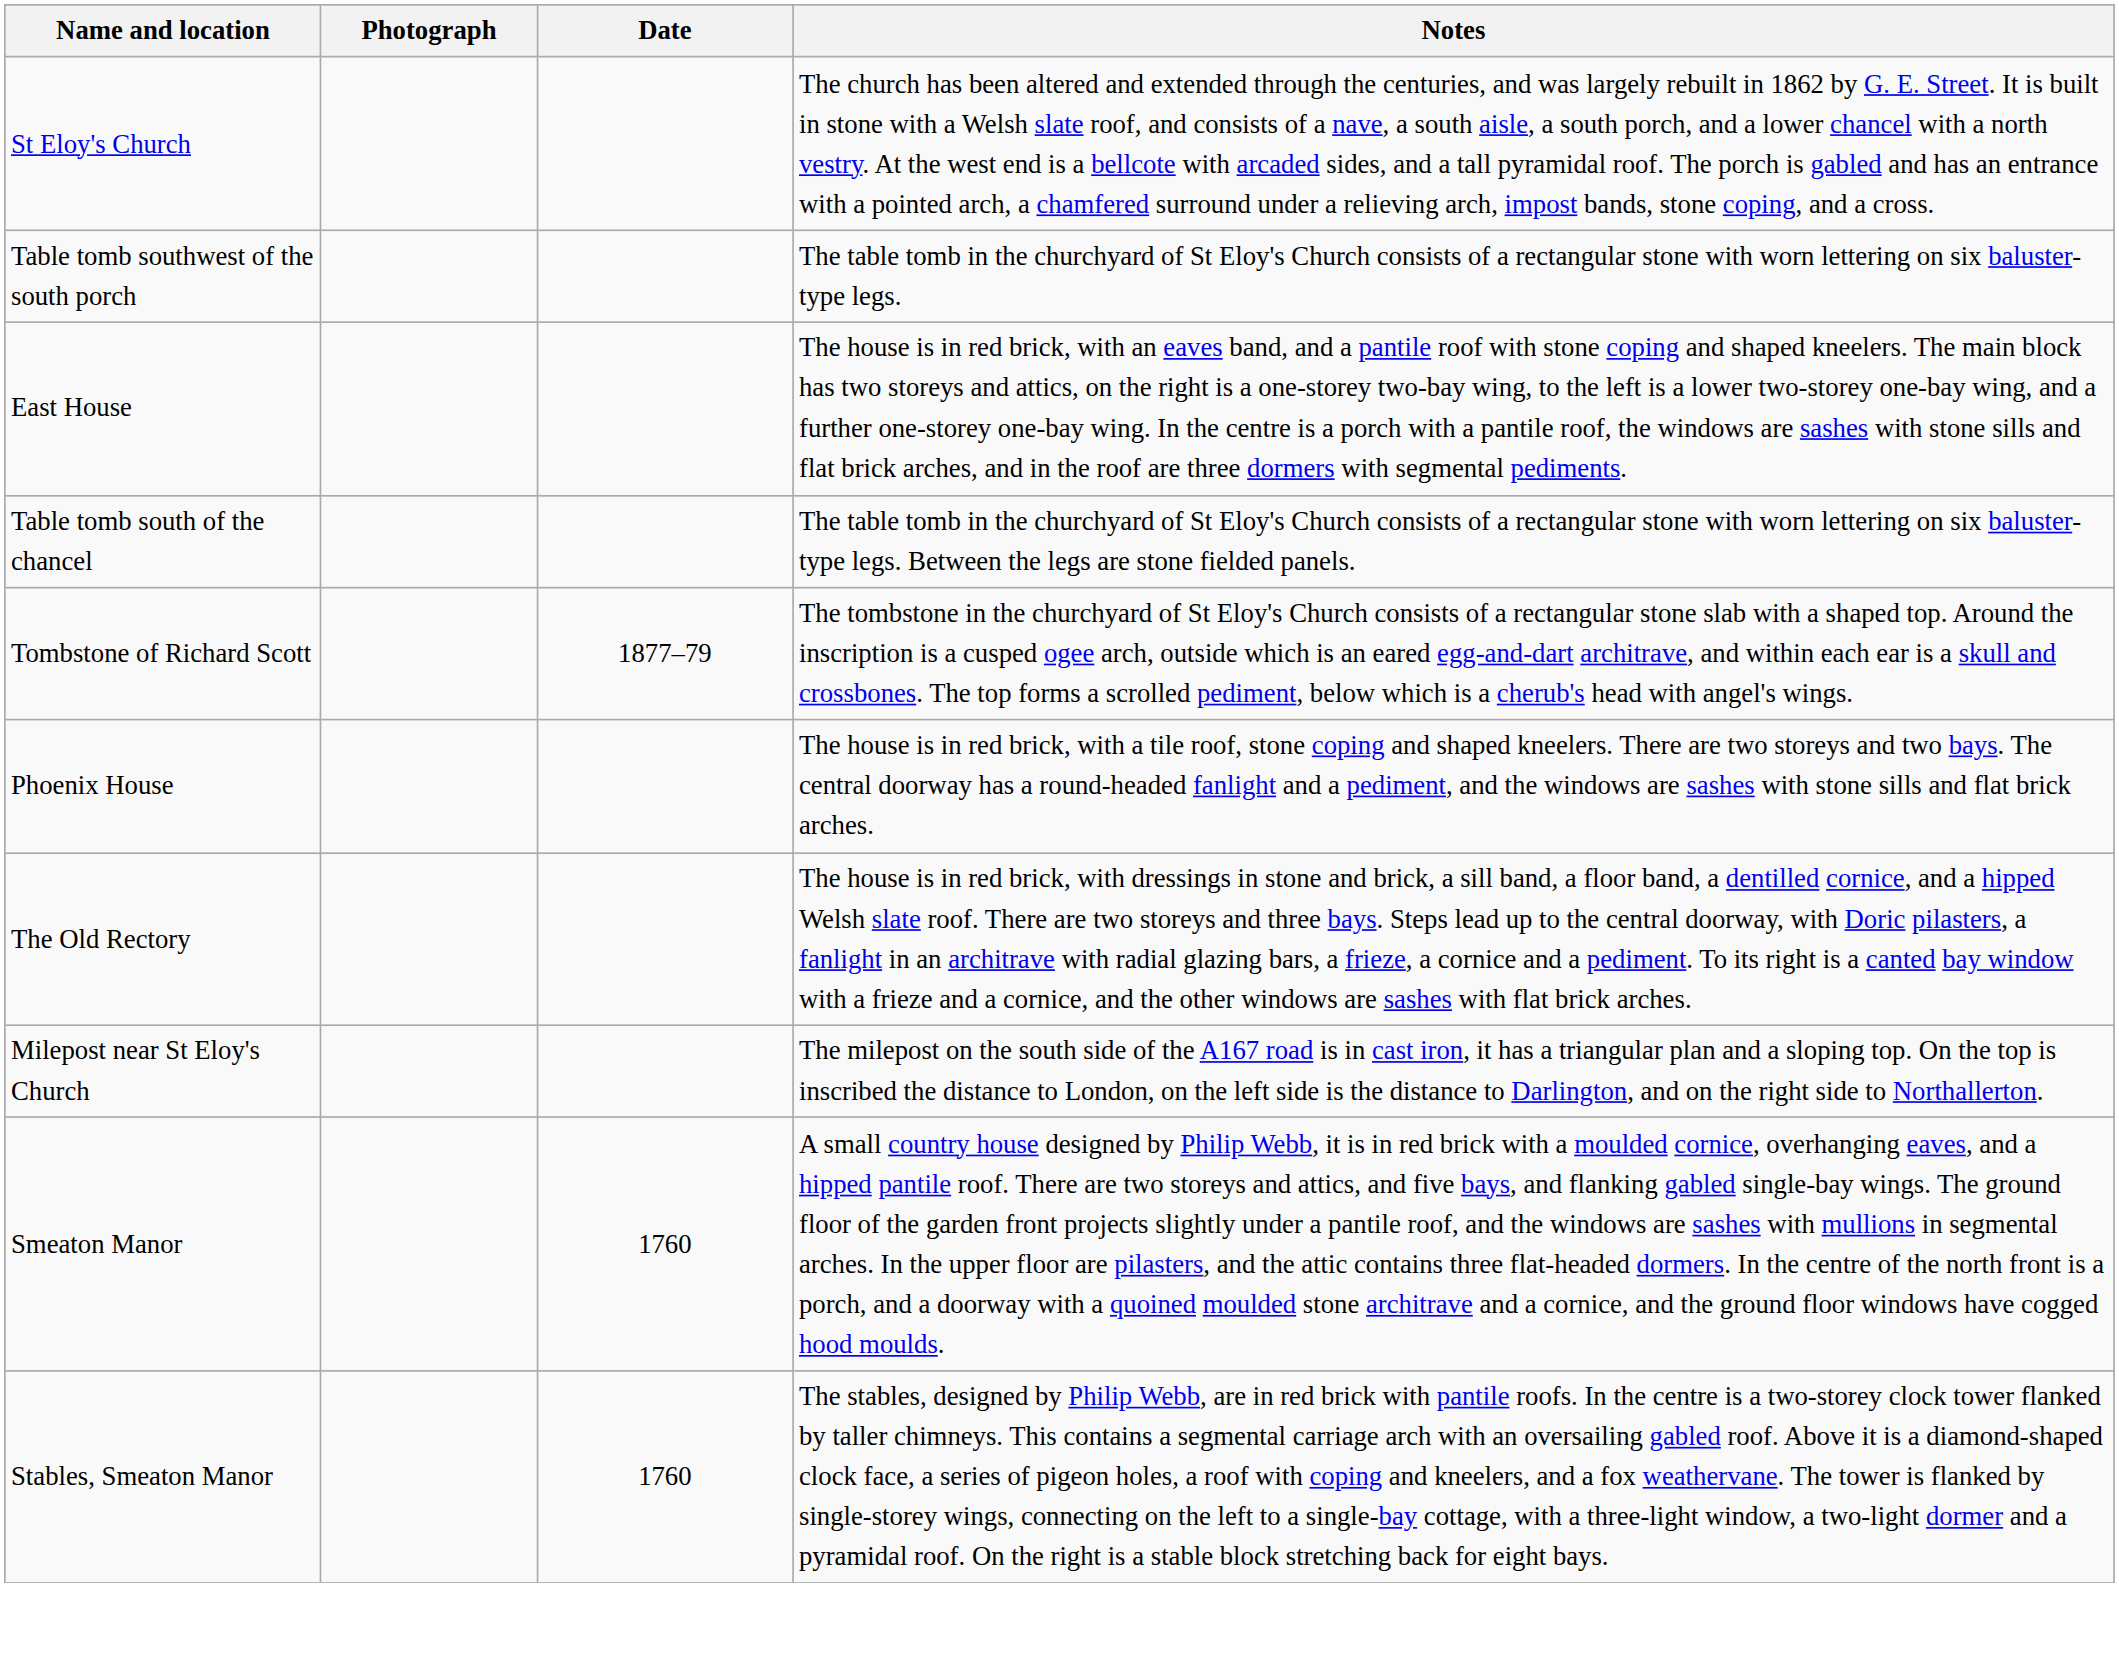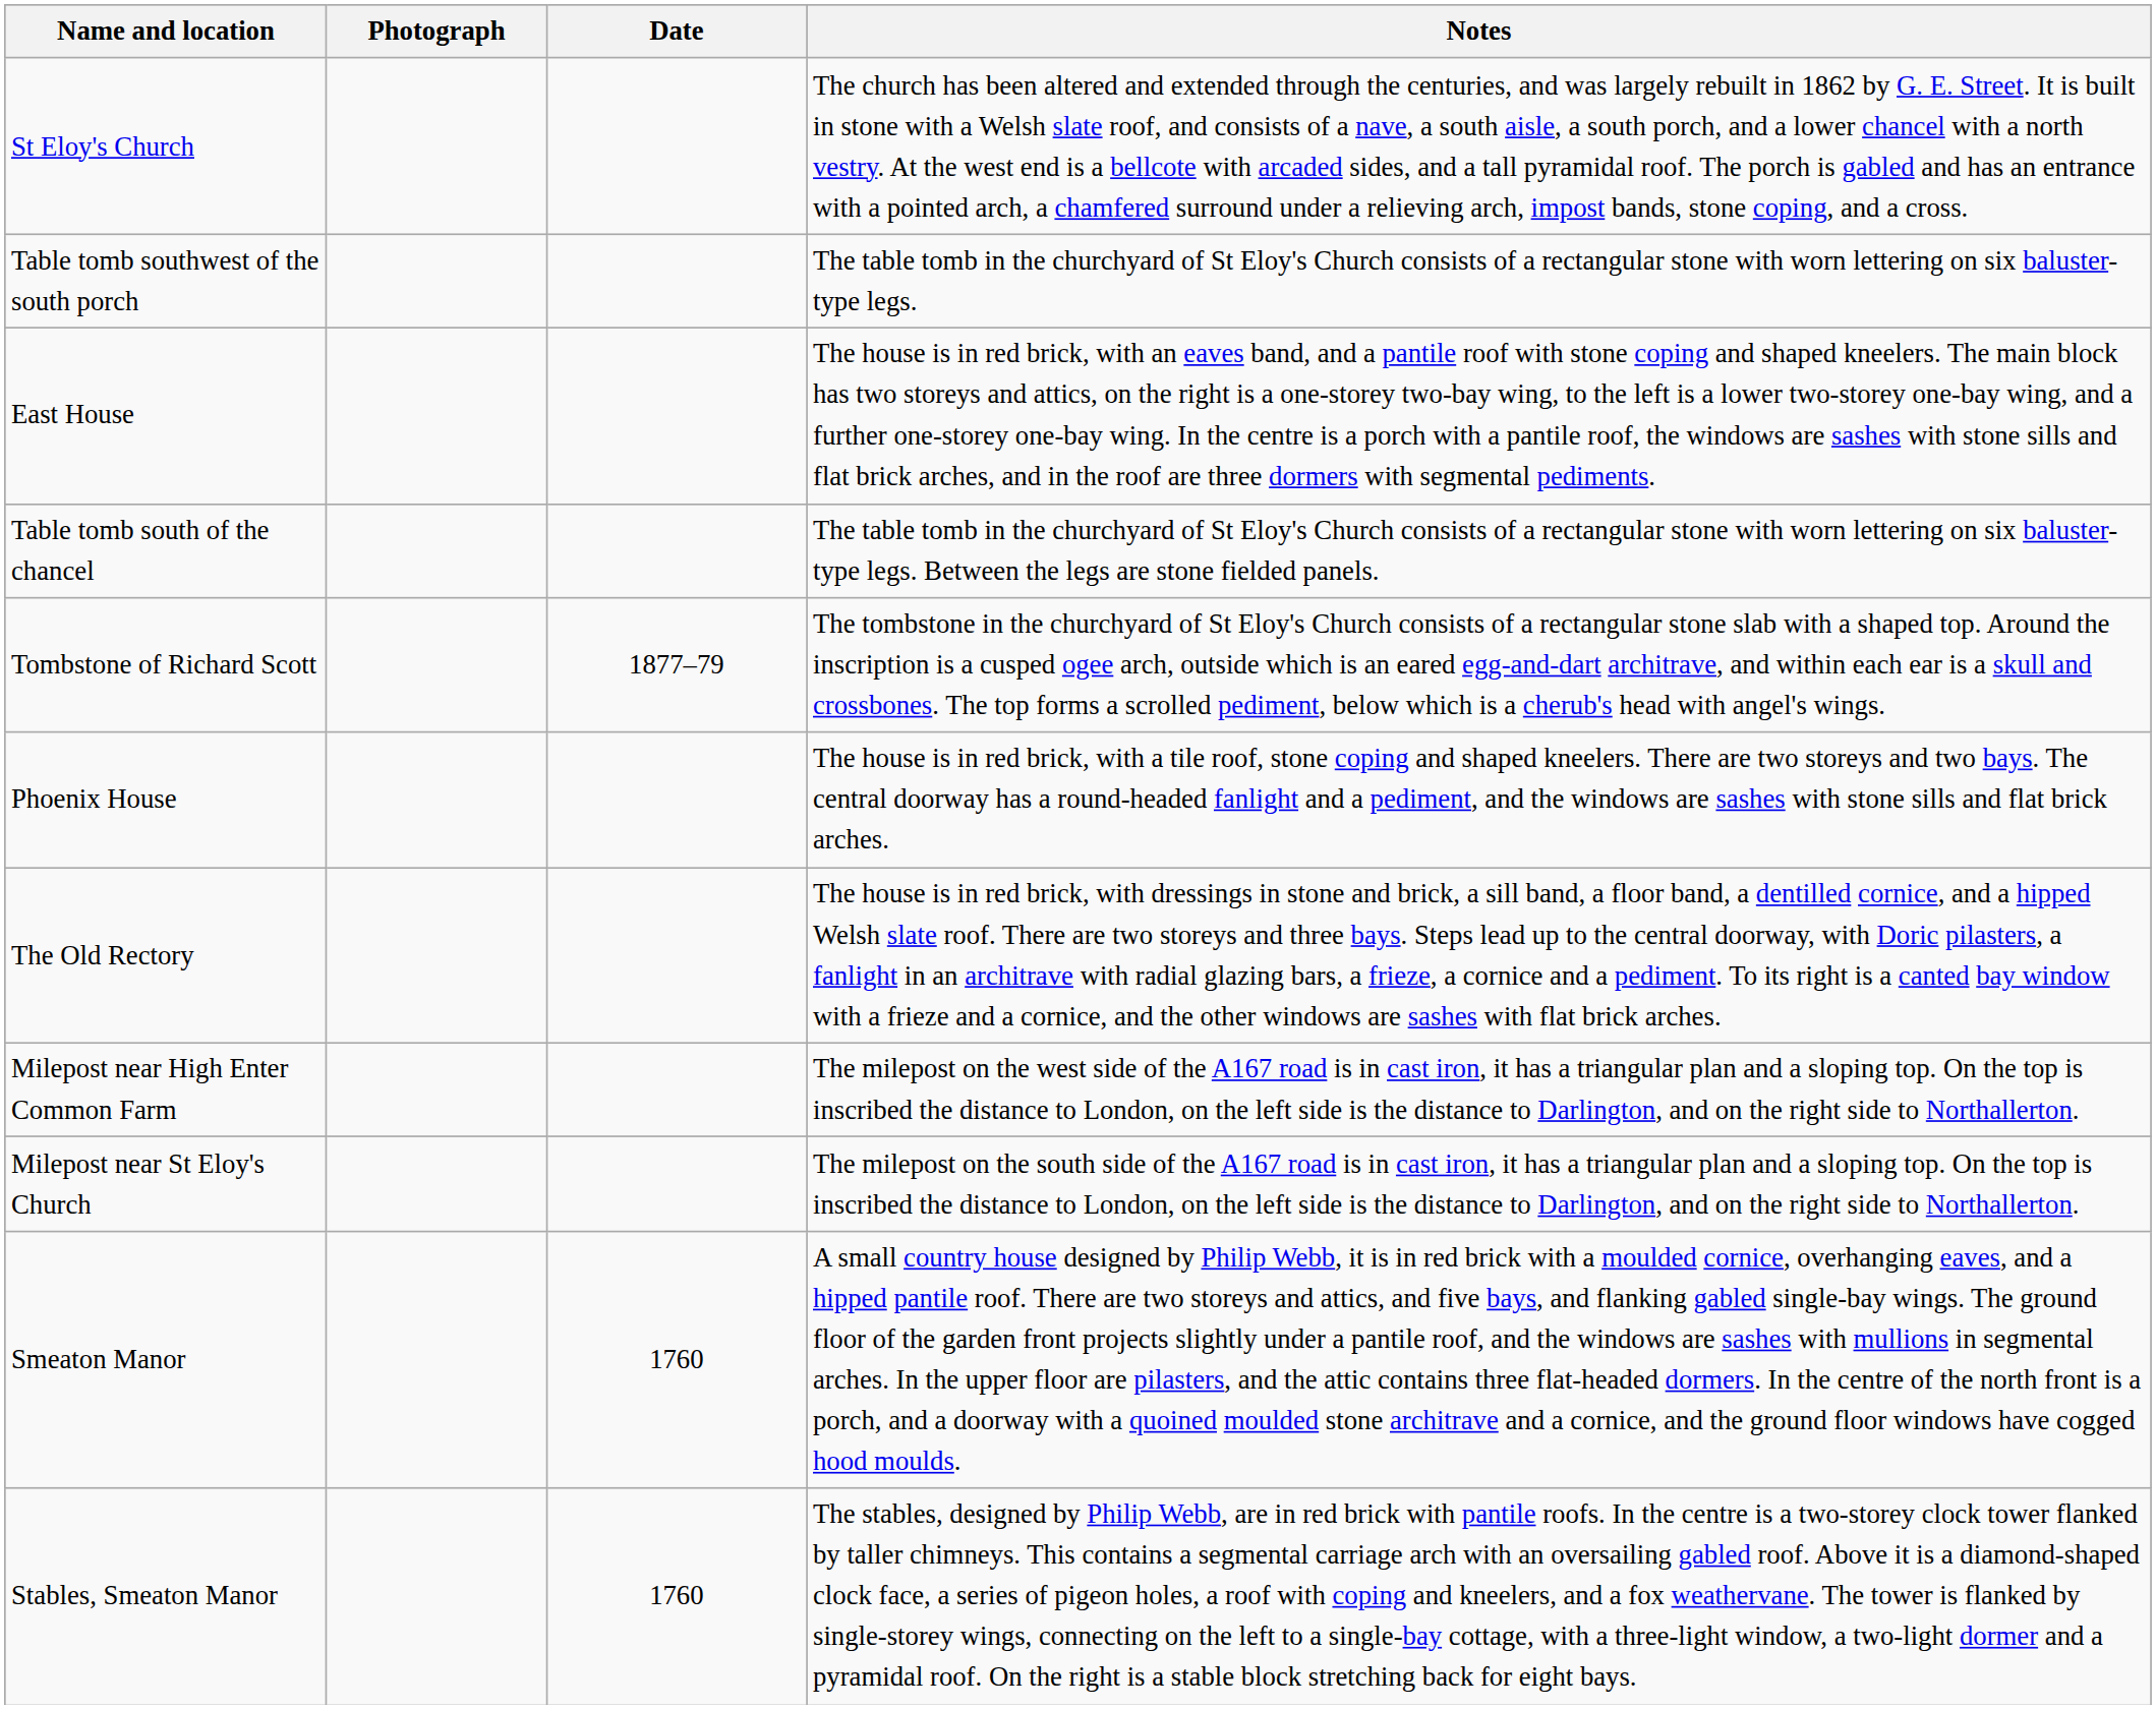 <table class="wikitable sortable plainrowheaders" style="width:100%;border:0px;text-align:left;line-height:150%;">
 <tr>
 <th scope="col"  style="width:150px">Name and location</th>
 <th scope="col"  style="width:100px" class="unsortable">Photograph</th>
 <th scope="col"  style="width:120px">Date</th>
 <th scope="col"  style="width:650px" class="unsortable">Notes</th>
 </tr>
 <tr>
 <td><a href='#'>St Eloy's Church</a><br><small></small></td>
 <td></td>
 <td align="center"></td>
 <td>The church has been altered and extended through the centuries, and was largely rebuilt in 1862 by <a href='#'>G. E. Street</a>.  It is built in stone with a Welsh <a href='#'>slate</a> roof, and consists of a <a href='#'>nave</a>, a south <a href='#'>aisle</a>, a south porch, and a lower <a href='#'>chancel</a> with a north <a href='#'>vestry</a>.  At the west end is a <a href='#'>bellcote</a> with <a href='#'>arcaded</a> sides, and a tall pyramidal roof.  The porch is <a href='#'>gabled</a> and has an entrance with a pointed arch, a <a href='#'>chamfered</a> surround under a relieving arch, <a href='#'>impost</a> bands, stone <a href='#'>coping</a>, and a cross.</td>
 </tr>
 <tr>
 <td>Table tomb southwest of the south porch<br><small></small></td>
 <td></td>
 <td align="center"></td>
 <td>The table tomb in the churchyard of St Eloy's Church consists of a rectangular stone with worn lettering on six <a href='#'>baluster</a>-type legs.</td>
 </tr>
 <tr>
 <td>East House<br><small></small></td>
 <td></td>
 <td align="center"></td>
 <td>The house is in red brick, with an <a href='#'>eaves</a> band, and a <a href='#'>pantile</a> roof with stone <a href='#'>coping</a> and shaped kneelers.  The main block has two storeys and attics, on the right is a one-storey two-bay wing, to the left is a lower two-storey one-bay wing, and a further one-storey one-bay wing.  In the centre is a porch with a pantile roof, the windows are <a href='#'>sashes</a> with stone sills and flat brick arches, and in the roof are three <a href='#'>dormers</a> with segmental <a href='#'>pediments</a>.</td>
 </tr>
 <tr>
 <td>Table tomb south of the chancel<br><small></small></td>
 <td></td>
 <td align="center"></td>
 <td>The table tomb in the churchyard of St Eloy's Church consists of a rectangular stone with worn lettering on six <a href='#'>baluster</a>-type legs. Between the legs are stone fielded panels.</td>
 </tr>
 <tr>
 <td>Tombstone of Richard Scott<br><small></small></td>
 <td></td>
 <td align="center">1877–79</td>
 <td>The tombstone in the churchyard of St Eloy's Church consists of a rectangular stone slab with a shaped top.  Around the inscription is a cusped <a href='#'>ogee</a> arch, outside which is an eared <a href='#'>egg-and-dart</a> <a href='#'>architrave</a>, and within each ear is a <a href='#'>skull and crossbones</a>.  The top forms a scrolled <a href='#'>pediment</a>, below which is a <a href='#'>cherub's</a> head with angel's wings.</td>
 </tr>
 <tr>
 <td>Phoenix House<br><small></small></td>
 <td></td>
 <td align="center"></td>
 <td>The house is in red brick, with a tile roof, stone <a href='#'>coping</a> and shaped kneelers.  There are two storeys and two <a href='#'>bays</a>.  The central doorway has a round-headed <a href='#'>fanlight</a> and a <a href='#'>pediment</a>, and the windows are <a href='#'>sashes</a> with stone sills and flat brick arches.</td>
 </tr>
 <tr>
 <td>The Old Rectory<br><small></small></td>
 <td></td>
 <td align="center"></td>
 <td>The house is in red brick, with dressings in stone and brick, a sill band, a floor band, a <a href='#'>dentilled</a> <a href='#'>cornice</a>, and a <a href='#'>hipped</a> Welsh <a href='#'>slate</a> roof.  There are two storeys and three <a href='#'>bays</a>.  Steps lead up to the central doorway, with <a href='#'>Doric</a> <a href='#'>pilasters</a>, a <a href='#'>fanlight</a> in an <a href='#'>architrave</a> with radial glazing bars, a <a href='#'>frieze</a>, a cornice and a <a href='#'>pediment</a>.  To its right is a <a href='#'>canted</a> <a href='#'>bay window</a> with a frieze and a cornice, and the other windows are <a href='#'>sashes</a> with flat brick arches.</td>
 </tr>
 <tr>
+<td>Milepost near High Enter Common Farm<br><small></small></td>
+<td></td>
+<td align="center"></td>
+<td>The milepost on the west side of the <a href='#'>A167 road</a> is in <a href='#'>cast iron</a>, it has a triangular plan and a sloping top.  On the top is inscribed the distance to London, on the left side is the distance to <a href='#'>Darlington</a>, and on the right side to <a href='#'>Northallerton</a>.</td>
+</tr>
+<tr>
 <td>Milepost near St Eloy's Church<br><small></small></td>
 <td></td>
 <td align="center"></td>
 <td>The milepost on the south side of the <a href='#'>A167 road</a> is in <a href='#'>cast iron</a>, it has a triangular plan and a sloping top.  On the top is inscribed the distance to London, on the left side is the distance to <a href='#'>Darlington</a>, and on the right side to <a href='#'>Northallerton</a>.</td>
 </tr>
 <tr>
 <td>Smeaton Manor<br><small></small></td>
 <td></td>
 <td align="center">1760</td>
 <td>A small <a href='#'>country house</a> designed by <a href='#'>Philip Webb</a>, it is in red brick with a <a href='#'>moulded</a> <a href='#'>cornice</a>, overhanging <a href='#'>eaves</a>, and a <a href='#'>hipped</a> <a href='#'>pantile</a> roof.  There are two storeys and attics, and five <a href='#'>bays</a>, and flanking <a href='#'>gabled</a> single-bay wings.  The ground floor of the garden front projects slightly under a pantile roof, and the windows are <a href='#'>sashes</a> with <a href='#'>mullions</a> in segmental arches.  In the upper floor are <a href='#'>pilasters</a>, and the attic contains three flat-headed <a href='#'>dormers</a>.  In the centre of the north front is a porch, and a doorway with a <a href='#'>quoined</a> <a href='#'>moulded</a> stone <a href='#'>architrave</a> and a cornice, and the ground floor windows have cogged <a href='#'>hood moulds</a>.</td>
 </tr>
 <tr>
 <td>Stables, Smeaton Manor<br><small></small></td>
 <td></td>
 <td align="center">1760</td>
 <td>The stables, designed by <a href='#'>Philip Webb</a>, are in red brick with <a href='#'>pantile</a> roofs.  In the centre is a two-storey clock tower flanked by taller chimneys.  This contains a segmental carriage arch with an oversailing <a href='#'>gabled</a> roof.  Above it is a diamond-shaped clock face, a series of pigeon holes, a roof with <a href='#'>coping</a> and kneelers, and a fox <a href='#'>weathervane</a>.  The tower is flanked by single-storey wings, connecting on the left to a single-<a href='#'>bay</a> cottage, with a three-light window, a two-light <a href='#'>dormer</a> and a pyramidal roof.  On the right is a stable block stretching back for eight bays.</td>
 </tr>
 <tr>
 </tr>
 </table>
